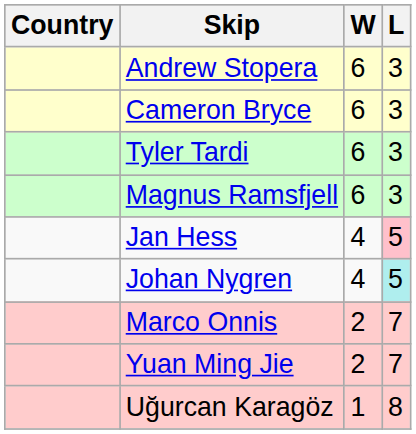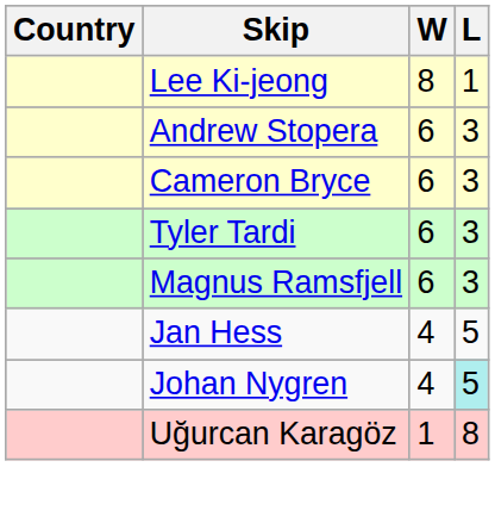 <table class=wikitable>
 <tr>
 <th>Country</th>
 <th>Skip</th>
 <th>W</th>
 <th>L</th>
+</tr>
+<tr style="background:#ffffcc;">
+<td></td>
+<td><a href='#'>Lee Ki-jeong</a></td>
+<td>8</td>
+<td>1</td>
 </tr>
 <tr style="background:#ffffcc;">
 <td></td>
 <td><a href='#'>Andrew Stopera</a></td>
 <td>6</td>
 <td>3</td>
 </tr>
 <tr style="background:#ffffcc;">
 <td></td>
 <td><a href='#'>Cameron Bryce</a></td>
 <td>6</td>
 <td>3</td>
 </tr>
 <tr style="background:#ccffcc;">
 <td></td>
 <td><a href='#'>Tyler Tardi</a></td>
 <td>6</td>
 <td>3</td>
 </tr>
 <tr style="background:#ccffcc;">
 <td></td>
 <td><a href='#'>Magnus Ramsfjell</a></td>
 <td>6</td>
 <td>3</td>
 </tr>
 <tr>
 <td></td>
 <td><a href='#'>Jan Hess</a></td>
 <td>4</td>
-<td style="background: pink;">5</td>
+<td>5</td>
 </tr>
 <tr>
 <td></td>
 <td><a href='#'>Johan Nygren</a></td>
 <td>4</td>
 <td style="background: paleturquoise;">5</td>
 </tr>
 <tr style="background:#ffcccc">
 <td></td>
-<td><a href='#'>Marco Onnis</a></td>
-<td>2</td>
-<td>7</td>
-</tr>
-<tr style="background:#ffcccc">
-<td></td>
-<td><a href='#'>Yuan Ming Jie</a></td>
-<td>2</td>
-<td>7</td>
-</tr>
-<tr style="background:#ffcccc">
-<td></td>
 <td>Uğurcan Karagöz</td>
 <td>1</td>
 <td>8</td>
 </tr>
 </table>
